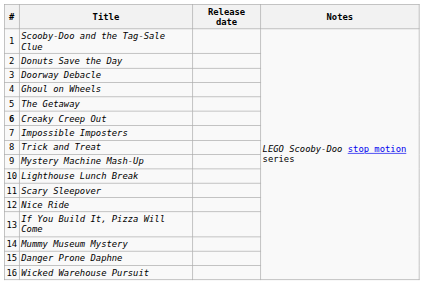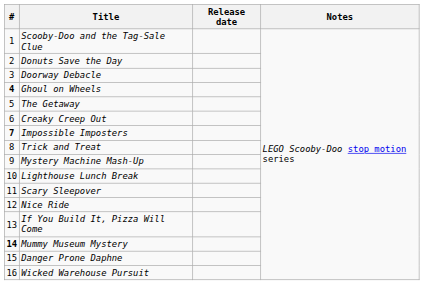 <table class="wikitable sortable">
 <tr>
 <th width=10>#</th>
 <th width=321>Title</th>
 <th width=110>Release date</th>
 <th width=300>Notes</th>
 </tr>
 <tr>
 <td align="center">1</td>
 <td><em>Scooby-Doo and the Tag-Sale Clue</em></td>
 <td align="right"></td>
 <td rowspan="17"><em>LEGO Scooby-Doo</em> <a href='#'>stop motion</a> series</td>
 </tr>
 <tr>
 <td align="center">2</td>
 <td><em>Donuts Save the Day</em></td>
 <td align="right"></td>
 </tr>
 <tr>
 <td align="center">3</td>
 <td><em>Doorway Debacle</em></td>
 <td align="right"></td>
 </tr>
 <tr>
-<td align="center">4</td>
+<td align="center"><strong>4</strong></td>
 <td><em>Ghoul on Wheels</em></td>
 <td align="right"></td>
 </tr>
 <tr>
 <td align="center">5</td>
 <td><em>The Getaway</em></td>
 <td align="right"></td>
 </tr>
 <tr>
-<td align="center"><strong>6</strong></td>
+<td align="center">6</td>
 <td><em>Creaky Creep Out</em></td>
 <td align="right"></td>
 </tr>
 <tr>
-<td align="center">7</td>
+<td align="center"><strong>7</strong></td>
 <td><em>Impossible Imposters</em></td>
 <td align="right"></td>
 </tr>
 <tr>
 <td align="center">8</td>
 <td><em>Trick and Treat</em></td>
 <td align="right"></td>
 </tr>
 <tr>
 <td align="center">9</td>
 <td><em>Mystery Machine Mash-Up</em></td>
 <td align="right"></td>
 </tr>
 <tr>
 <td align="center">10</td>
 <td><em>Lighthouse Lunch Break</em></td>
 <td align="right"></td>
 </tr>
 <tr>
 <td align="center">11</td>
 <td><em>Scary Sleepover</em></td>
 <td align="right"></td>
 </tr>
 <tr>
 <td align="center">12</td>
 <td><em>Nice Ride</em></td>
 <td align="right"></td>
 </tr>
 <tr>
 <td align="center">13</td>
 <td><em>If You Build It, Pizza Will Come</em></td>
 <td align="right"></td>
 </tr>
 <tr>
-<td align="center">14</td>
+<td align="center"><strong>14</strong></td>
 <td><em>Mummy Museum Mystery</em></td>
 <td align="right"></td>
 </tr>
 <tr>
 <td align="center">15</td>
 <td><em>Danger Prone Daphne</em></td>
 <td align="right"></td>
 </tr>
 <tr>
 <td align="center">16</td>
 <td><em>Wicked Warehouse Pursuit</em></td>
 <td align="right"></td>
 </tr>
 </table>
